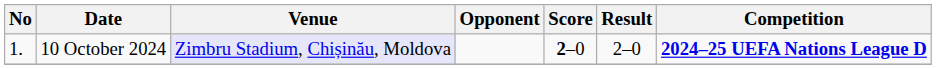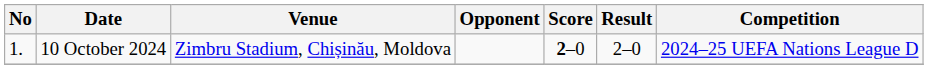 <table class="wikitable">
 <tr>
 <th>No</th>
 <th>Date</th>
 <th>Venue</th>
 <th>Opponent</th>
 <th>Score</th>
 <th>Result</th>
 <th>Competition</th>
 </tr>
 <tr>
 <td>1.</td>
 <td>10 October 2024</td>
-<td style="background: lavender;"><a href='#'>Zimbru Stadium</a>, <a href='#'>Chișinău</a>, Moldova</td>
+<td><a href='#'>Zimbru Stadium</a>, <a href='#'>Chișinău</a>, Moldova</td>
 <td></td>
 <td align=center><strong>2</strong>–0</td>
 <td align=center>2–0</td>
-<td><strong><a href='#'>2024–25 UEFA Nations League D</a></strong></td>
+<td><a href='#'>2024–25 UEFA Nations League D</a></td>
 </tr>
 <tr>
 </tr>
 </table>
